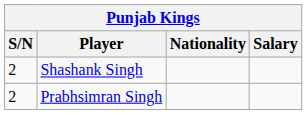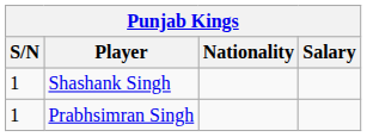 <table class="wikitable" style="font-size:95%;">
 <tr>
 <th scope="colgroup" colspan="4" style="background:#"><a href='#'><span>Punjab Kings</span></a></th>
 </tr>
 <tr>
 <th scope="col">S/N</th>
 <th scope="col">Player</th>
 <th scope="col">Nationality</th>
 <th scope="col">Salary</th>
 </tr>
 <tr>
-<td>2</td>
+<td>1</td>
 <td><a href='#'>Shashank Singh</a></td>
 <td></td>
 <td></td>
 </tr>
 <tr>
-<td>2</td>
+<td>1</td>
 <td><a href='#'>Prabhsimran Singh</a></td>
 <td></td>
 <td></td>
 </tr>
 </table>
